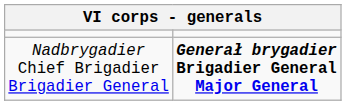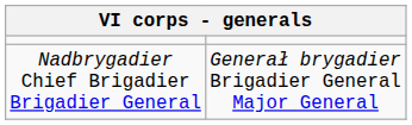 <table class="wikitable" style="text-align: center">
 <tr>
 <th colspan="2">VI corps - generals</th>
 </tr>
 <tr>
 <td></td>
 <td></td>
 </tr>
 <tr>
 <td><em>Nadbrygadier</em> <br> Chief Brigadier <br> <a href='#'>Brigadier General</a></td>
-<td><strong><em>Generał brygadier</em> <br> Brigadier General <br> <a href='#'>Major General</a></strong></td>
+<td><em>Generał brygadier</em> <br> Brigadier General <br> <a href='#'>Major General</a></td>
 </tr>
 </table>
